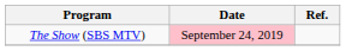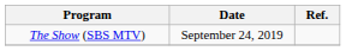 <table class="wikitable" style="text-align:center;">
 <tr>
 <th style="width:200px;">Program</th>
 <th style="width:150px;">Date</th>
 <th style="width:50px;">Ref.</th>
 </tr>
 <tr>
 <td rowspan="1"><em><a href='#'>The Show</a></em> (<a href='#'>SBS MTV</a>)</td>
-<td style="background: pink;">September 24, 2019</td>
+<td>September 24, 2019</td>
 <td></td>
 </tr>
 <tr>
 </tr>
 </table>
